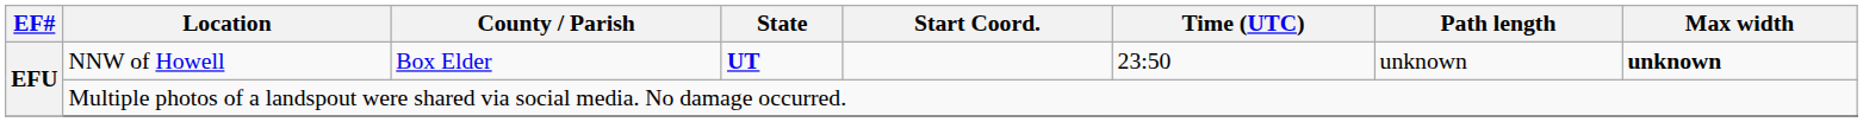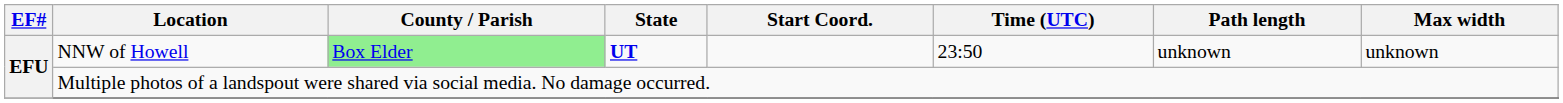 <table class="wikitable sortable" style="width:100%;">
 <tr>
 <th scope="col" width="2%" align="center"><a href='#'>EF#</a></th>
 <th scope="col" align="center" class="unsortable">Location</th>
 <th scope="col" align="center" class="unsortable">County / Parish</th>
 <th scope="col" align="center">State</th>
 <th scope="col" align="center">Start Coord.</th>
 <th scope="col" align="center">Time (<a href='#'>UTC</a>)</th>
 <th scope="col" align="center">Path length</th>
 <th scope="col" align="center">Max width</th>
 </tr>
 <tr>
 <th scope="row" rowspan="2" style="background-color:#">EFU</th>
 <td>NNW of <a href='#'>Howell</a></td>
-<td><a href='#'>Box Elder</a></td>
+<td style="background: lightgreen;"><a href='#'>Box Elder</a></td>
 <td><strong><a href='#'>UT</a></strong></td>
 <td></td>
 <td>23:50</td>
 <td>unknown</td>
-<td><strong>unknown</strong></td>
+<td>unknown</td>
 </tr>
 <tr class="expand-child">
 <td colspan="8" style=" border-bottom: 1px solid black;">Multiple photos of a landspout were shared via social media. No damage occurred.</td>
 </tr>
 <tr>
 </tr>
 </table>
